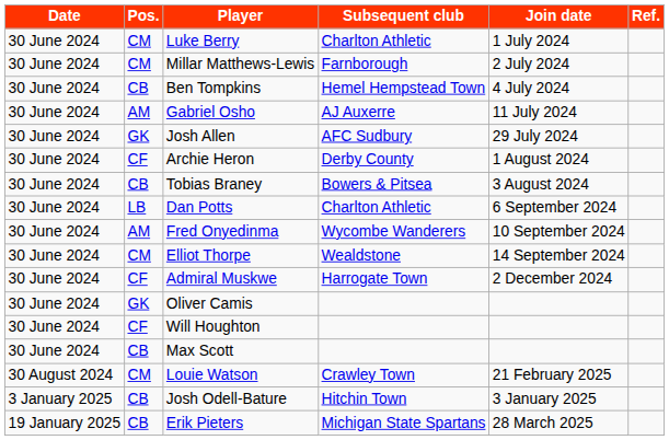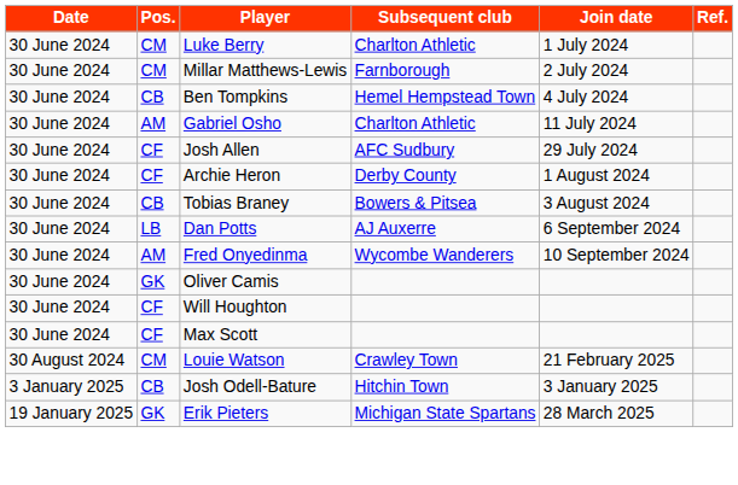 <table class="wikitable plainrowheaders sortable">
 <tr>
 <th style="background-color:#FF3300; color:white; ">Date</th>
 <th style="background-color:#FF3300; color:white; ">Pos.</th>
 <th style="background-color:#FF3300; color:white; ">Player</th>
 <th style="background-color:#FF3300; color:white; ">Subsequent club</th>
 <th style="background-color:#FF3300; color:white; ">Join date</th>
 <th style="background-color:#FF3300; color:white; ">Ref.</th>
 </tr>
 <tr>
 <td>30 June 2024</td>
 <td><a href='#'>CM</a></td>
 <td> <a href='#'>Luke Berry</a></td>
 <td> <a href='#'>Charlton Athletic</a></td>
 <td>1 July 2024</td>
 <td></td>
 </tr>
 <tr>
 <td>30 June 2024</td>
 <td><a href='#'>CM</a></td>
 <td> Millar Matthews-Lewis</td>
 <td> <a href='#'>Farnborough</a></td>
 <td>2 July 2024</td>
 <td></td>
 </tr>
 <tr>
 <td>30 June 2024</td>
 <td><a href='#'>CB</a></td>
 <td> Ben Tompkins</td>
 <td> <a href='#'>Hemel Hempstead Town</a></td>
 <td>4 July 2024</td>
 <td></td>
 </tr>
 <tr>
 <td>30 June 2024</td>
 <td><a href='#'>AM</a></td>
 <td> <a href='#'>Gabriel Osho</a></td>
-<td> <a href='#'>AJ Auxerre</a></td>
+<td> <a href='#'>Charlton Athletic</a></td>
 <td>11 July 2024</td>
 <td></td>
 </tr>
 <tr>
 <td>30 June 2024</td>
-<td><a href='#'>GK</a></td>
+<td><a href='#'>CF</a></td>
 <td> Josh Allen</td>
 <td> <a href='#'>AFC Sudbury</a></td>
 <td>29 July 2024</td>
 <td></td>
 </tr>
 <tr>
 <td>30 June 2024</td>
 <td><a href='#'>CF</a></td>
 <td> Archie Heron</td>
 <td> <a href='#'>Derby County</a></td>
 <td>1 August 2024</td>
 <td></td>
 </tr>
 <tr>
 <td>30 June 2024</td>
 <td><a href='#'>CB</a></td>
 <td> Tobias Braney</td>
 <td> <a href='#'>Bowers & Pitsea</a></td>
 <td>3 August 2024</td>
 <td></td>
 </tr>
 <tr>
 <td>30 June 2024</td>
 <td><a href='#'>LB</a></td>
 <td> <a href='#'>Dan Potts</a></td>
-<td> <a href='#'>Charlton Athletic</a></td>
+<td> <a href='#'>AJ Auxerre</a></td>
 <td>6 September 2024</td>
 <td></td>
 </tr>
 <tr>
 <td>30 June 2024</td>
 <td><a href='#'>AM</a></td>
 <td> <a href='#'>Fred Onyedinma</a></td>
 <td> <a href='#'>Wycombe Wanderers</a></td>
 <td>10 September 2024</td>
-<td></td>
-</tr>
-<tr>
-<td>30 June 2024</td>
-<td><a href='#'>CM</a></td>
-<td> <a href='#'>Elliot Thorpe</a></td>
-<td> <a href='#'>Wealdstone</a></td>
-<td>14 September 2024</td>
-<td></td>
-</tr>
-<tr>
-<td>30 June 2024</td>
-<td><a href='#'>CF</a></td>
-<td> <a href='#'>Admiral Muskwe</a></td>
-<td> <a href='#'>Harrogate Town</a></td>
-<td>2 December 2024</td>
 <td></td>
 </tr>
 <tr>
 <td>30 June 2024</td>
 <td><a href='#'>GK</a></td>
 <td> Oliver Camis</td>
 <td></td>
 <td></td>
 <td></td>
 </tr>
 <tr>
 <td>30 June 2024</td>
 <td><a href='#'>CF</a></td>
 <td> Will Houghton</td>
 <td></td>
 <td></td>
 <td></td>
 </tr>
 <tr>
 <td>30 June 2024</td>
-<td><a href='#'>CB</a></td>
+<td><a href='#'>CF</a></td>
 <td> Max Scott</td>
 <td></td>
 <td></td>
 <td></td>
 </tr>
 <tr>
 <td>30 August 2024</td>
 <td><a href='#'>CM</a></td>
 <td> <a href='#'>Louie Watson</a></td>
 <td> <a href='#'>Crawley Town</a></td>
 <td>21 February 2025</td>
 <td></td>
 </tr>
 <tr>
 <td>3 January 2025</td>
 <td><a href='#'>CB</a></td>
 <td> Josh Odell-Bature</td>
 <td> <a href='#'>Hitchin Town</a></td>
 <td>3 January 2025</td>
 <td></td>
 </tr>
 <tr>
 <td>19 January 2025</td>
-<td><a href='#'>CB</a></td>
+<td><a href='#'>GK</a></td>
 <td> <a href='#'>Erik Pieters</a></td>
 <td> <a href='#'>Michigan State Spartans</a></td>
 <td>28 March 2025</td>
 <td></td>
 </tr>
 </table>
